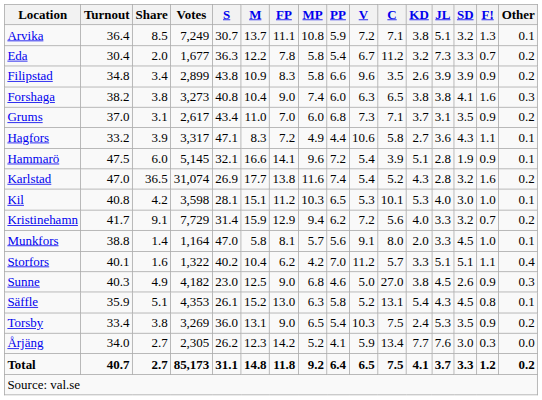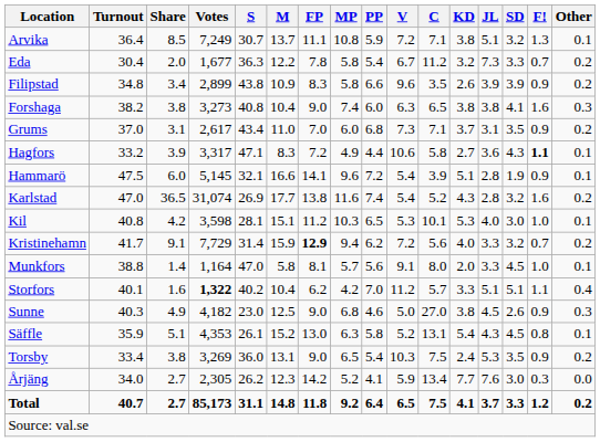 <table class="wikitable sortable" style=text-align:right>
 <tr>
 <th>Location</th>
 <th>Turnout</th>
 <th>Share</th>
 <th>Votes</th>
 <th><a href='#'>S</a></th>
 <th><a href='#'>M</a></th>
 <th><a href='#'>FP</a></th>
 <th><a href='#'>MP</a></th>
 <th><a href='#'>PP</a></th>
 <th><a href='#'>V</a></th>
 <th><a href='#'>C</a></th>
 <th><a href='#'>KD</a></th>
 <th><a href='#'>JL</a></th>
 <th><a href='#'>SD</a></th>
 <th><a href='#'>F!</a></th>
 <th>Other</th>
 </tr>
 <tr>
 <td align=left><a href='#'>Arvika</a></td>
 <td>36.4</td>
 <td>8.5</td>
 <td>7,249</td>
 <td>30.7</td>
 <td>13.7</td>
 <td>11.1</td>
 <td>10.8</td>
 <td>5.9</td>
 <td>7.2</td>
 <td>7.1</td>
 <td>3.8</td>
 <td>5.1</td>
 <td>3.2</td>
 <td>1.3</td>
 <td>0.1</td>
 </tr>
 <tr>
 <td align=left><a href='#'>Eda</a></td>
 <td>30.4</td>
 <td>2.0</td>
 <td>1,677</td>
 <td>36.3</td>
 <td>12.2</td>
 <td>7.8</td>
 <td>5.8</td>
 <td>5.4</td>
 <td>6.7</td>
 <td>11.2</td>
 <td>3.2</td>
 <td>7.3</td>
 <td>3.3</td>
 <td>0.7</td>
 <td>0.2</td>
 </tr>
 <tr>
 <td align=left><a href='#'>Filipstad</a></td>
 <td>34.8</td>
 <td>3.4</td>
 <td>2,899</td>
 <td>43.8</td>
 <td>10.9</td>
 <td>8.3</td>
 <td>5.8</td>
 <td>6.6</td>
 <td>9.6</td>
 <td>3.5</td>
 <td>2.6</td>
 <td>3.9</td>
 <td>3.9</td>
 <td>0.9</td>
 <td>0.2</td>
 </tr>
 <tr>
 <td align=left><a href='#'>Forshaga</a></td>
 <td>38.2</td>
 <td>3.8</td>
 <td>3,273</td>
 <td>40.8</td>
 <td>10.4</td>
 <td>9.0</td>
 <td>7.4</td>
 <td>6.0</td>
 <td>6.3</td>
 <td>6.5</td>
 <td>3.8</td>
 <td>3.8</td>
 <td>4.1</td>
 <td>1.6</td>
 <td>0.3</td>
 </tr>
 <tr>
 <td align=left><a href='#'>Grums</a></td>
 <td>37.0</td>
 <td>3.1</td>
 <td>2,617</td>
 <td>43.4</td>
 <td>11.0</td>
 <td>7.0</td>
 <td>6.0</td>
 <td>6.8</td>
 <td>7.3</td>
 <td>7.1</td>
 <td>3.7</td>
 <td>3.1</td>
 <td>3.5</td>
 <td>0.9</td>
 <td>0.2</td>
 </tr>
 <tr>
 <td align=left><a href='#'>Hagfors</a></td>
 <td>33.2</td>
 <td>3.9</td>
 <td>3,317</td>
 <td>47.1</td>
 <td>8.3</td>
 <td>7.2</td>
 <td>4.9</td>
 <td>4.4</td>
 <td>10.6</td>
 <td>5.8</td>
 <td>2.7</td>
 <td>3.6</td>
 <td>4.3</td>
-<td>1.1</td>
+<td><strong>1.1</strong></td>
 <td>0.1</td>
 </tr>
 <tr>
 <td align=left><a href='#'>Hammarö</a></td>
 <td>47.5</td>
 <td>6.0</td>
 <td>5,145</td>
 <td>32.1</td>
 <td>16.6</td>
 <td>14.1</td>
 <td>9.6</td>
 <td>7.2</td>
 <td>5.4</td>
 <td>3.9</td>
 <td>5.1</td>
 <td>2.8</td>
 <td>1.9</td>
 <td>0.9</td>
 <td>0.1</td>
 </tr>
 <tr>
 <td align=left><a href='#'>Karlstad</a></td>
 <td>47.0</td>
 <td>36.5</td>
 <td>31,074</td>
 <td>26.9</td>
 <td>17.7</td>
 <td>13.8</td>
 <td>11.6</td>
 <td>7.4</td>
 <td>5.4</td>
 <td>5.2</td>
 <td>4.3</td>
 <td>2.8</td>
 <td>3.2</td>
 <td>1.6</td>
 <td>0.2</td>
 </tr>
 <tr>
 <td align=left><a href='#'>Kil</a></td>
 <td>40.8</td>
 <td>4.2</td>
 <td>3,598</td>
 <td>28.1</td>
 <td>15.1</td>
 <td>11.2</td>
 <td>10.3</td>
 <td>6.5</td>
 <td>5.3</td>
 <td>10.1</td>
 <td>5.3</td>
 <td>4.0</td>
 <td>3.0</td>
 <td>1.0</td>
 <td>0.1</td>
 </tr>
 <tr>
 <td align=left><a href='#'>Kristinehamn</a></td>
 <td>41.7</td>
 <td>9.1</td>
 <td>7,729</td>
 <td>31.4</td>
 <td>15.9</td>
-<td>12.9</td>
+<td><strong>12.9</strong></td>
 <td>9.4</td>
 <td>6.2</td>
 <td>7.2</td>
 <td>5.6</td>
 <td>4.0</td>
 <td>3.3</td>
 <td>3.2</td>
 <td>0.7</td>
 <td>0.2</td>
 </tr>
 <tr>
 <td align=left><a href='#'>Munkfors</a></td>
 <td>38.8</td>
 <td>1.4</td>
 <td>1,164</td>
 <td>47.0</td>
 <td>5.8</td>
 <td>8.1</td>
 <td>5.7</td>
 <td>5.6</td>
 <td>9.1</td>
 <td>8.0</td>
 <td>2.0</td>
 <td>3.3</td>
 <td>4.5</td>
 <td>1.0</td>
 <td>0.1</td>
 </tr>
 <tr>
 <td align=left><a href='#'>Storfors</a></td>
 <td>40.1</td>
 <td>1.6</td>
-<td>1,322</td>
+<td><strong>1,322</strong></td>
 <td>40.2</td>
 <td>10.4</td>
 <td>6.2</td>
 <td>4.2</td>
 <td>7.0</td>
 <td>11.2</td>
 <td>5.7</td>
 <td>3.3</td>
 <td>5.1</td>
 <td>5.1</td>
 <td>1.1</td>
 <td>0.4</td>
 </tr>
 <tr>
 <td align=left><a href='#'>Sunne</a></td>
 <td>40.3</td>
 <td>4.9</td>
 <td>4,182</td>
 <td>23.0</td>
 <td>12.5</td>
 <td>9.0</td>
 <td>6.8</td>
 <td>4.6</td>
 <td>5.0</td>
 <td>27.0</td>
 <td>3.8</td>
 <td>4.5</td>
 <td>2.6</td>
 <td>0.9</td>
 <td>0.3</td>
 </tr>
 <tr>
 <td align=left><a href='#'>Säffle</a></td>
 <td>35.9</td>
 <td>5.1</td>
 <td>4,353</td>
 <td>26.1</td>
 <td>15.2</td>
 <td>13.0</td>
 <td>6.3</td>
 <td>5.8</td>
 <td>5.2</td>
 <td>13.1</td>
 <td>5.4</td>
 <td>4.3</td>
 <td>4.5</td>
 <td>0.8</td>
 <td>0.1</td>
 </tr>
 <tr>
 <td align=left><a href='#'>Torsby</a></td>
 <td>33.4</td>
 <td>3.8</td>
 <td>3,269</td>
 <td>36.0</td>
 <td>13.1</td>
 <td>9.0</td>
 <td>6.5</td>
 <td>5.4</td>
 <td>10.3</td>
 <td>7.5</td>
 <td>2.4</td>
 <td>5.3</td>
 <td>3.5</td>
 <td>0.9</td>
 <td>0.2</td>
 </tr>
 <tr>
 <td align=left><a href='#'>Årjäng</a></td>
 <td>34.0</td>
 <td>2.7</td>
 <td>2,305</td>
 <td>26.2</td>
 <td>12.3</td>
 <td>14.2</td>
 <td>5.2</td>
 <td>4.1</td>
 <td>5.9</td>
 <td>13.4</td>
 <td>7.7</td>
 <td>7.6</td>
 <td>3.0</td>
 <td>0.3</td>
 <td>0.0</td>
 </tr>
 <tr>
 <td align=left><strong>Total</strong></td>
 <td><strong>40.7</strong></td>
 <td><strong>2.7</strong></td>
 <td><strong>85,173</strong></td>
 <td><strong>31.1</strong></td>
 <td><strong>14.8</strong></td>
 <td><strong>11.8</strong></td>
 <td><strong>9.2</strong></td>
 <td><strong>6.4</strong></td>
 <td><strong>6.5</strong></td>
 <td><strong>7.5</strong></td>
 <td><strong>4.1</strong></td>
 <td><strong>3.7</strong></td>
 <td><strong>3.3</strong></td>
 <td><strong>1.2</strong></td>
 <td><strong>0.2</strong></td>
 </tr>
 <tr>
 <td align=left colspan=16>Source: val.se </td>
 </tr>
 </table>
